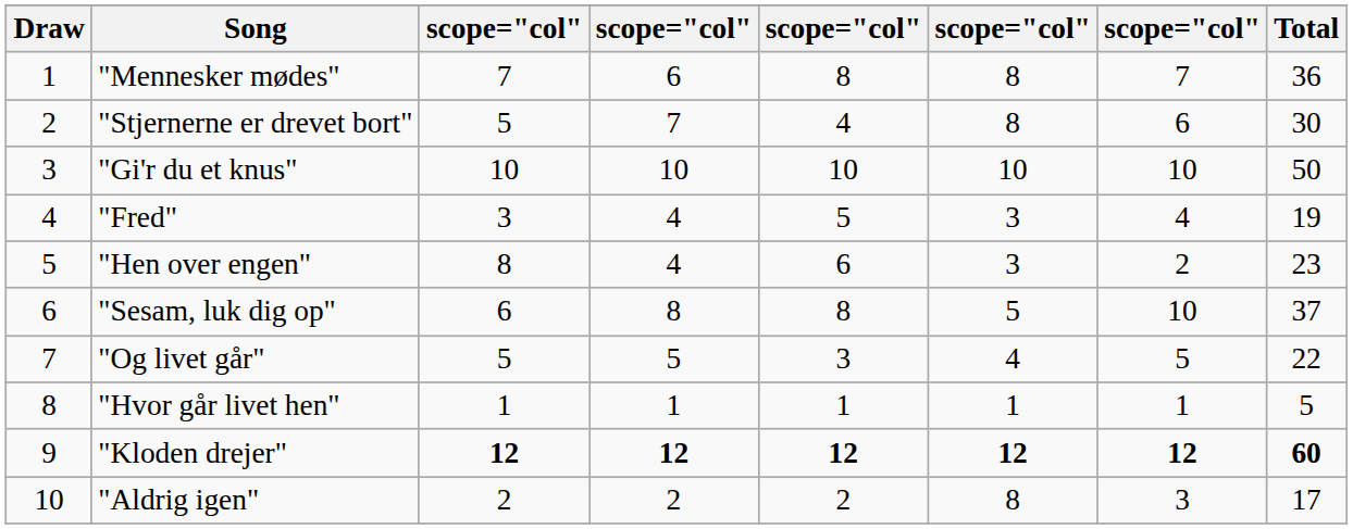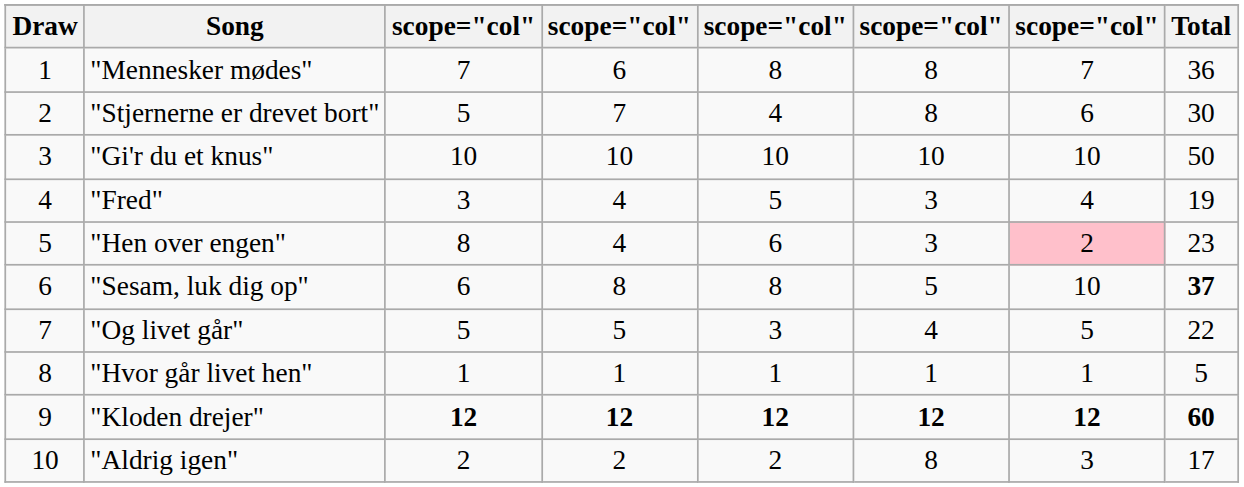 <table class="wikitable plainrowheaders" style="margin: 1em auto 1em auto; text-align:center;">
 <tr>
 </tr>
 <tr>
 <th scope="col">Draw</th>
 <th scope="col">Song</th>
 <th>scope="col" </th>
 <th>scope="col" </th>
 <th>scope="col" </th>
 <th>scope="col" </th>
 <th>scope="col" </th>
 <th scope="col">Total</th>
 </tr>
 <tr>
 <td>1</td>
 <td align=left>"Mennesker mødes"</td>
 <td>7</td>
 <td>6</td>
 <td>8</td>
 <td>8</td>
 <td>7</td>
 <td>36</td>
 </tr>
 <tr>
 <td>2</td>
 <td align=left>"Stjernerne er drevet bort"</td>
 <td>5</td>
 <td>7</td>
 <td>4</td>
 <td>8</td>
 <td>6</td>
 <td>30</td>
 </tr>
 <tr>
 <td>3</td>
 <td align=left>"Gi'r du et knus"</td>
 <td>10</td>
 <td>10</td>
 <td>10</td>
 <td>10</td>
 <td>10</td>
 <td>50</td>
 </tr>
 <tr>
 <td>4</td>
 <td align=left>"Fred"</td>
 <td>3</td>
 <td>4</td>
 <td>5</td>
 <td>3</td>
 <td>4</td>
 <td>19</td>
 </tr>
 <tr>
 <td>5</td>
 <td align=left>"Hen over engen"</td>
 <td>8</td>
 <td>4</td>
 <td>6</td>
 <td>3</td>
-<td>2</td>
+<td style="background: pink;">2</td>
 <td>23</td>
 </tr>
 <tr>
 <td>6</td>
 <td align=left>"Sesam, luk dig op"</td>
 <td>6</td>
 <td>8</td>
 <td>8</td>
 <td>5</td>
 <td>10</td>
-<td>37</td>
+<td><strong>37</strong></td>
 </tr>
 <tr>
 <td>7</td>
 <td align=left>"Og livet går"</td>
 <td>5</td>
 <td>5</td>
 <td>3</td>
 <td>4</td>
 <td>5</td>
 <td>22</td>
 </tr>
 <tr>
 <td>8</td>
 <td align=left>"Hvor går livet hen"</td>
 <td>1</td>
 <td>1</td>
 <td>1</td>
 <td>1</td>
 <td>1</td>
 <td>5</td>
 </tr>
 <tr>
 <td>9</td>
 <td align=left>"Kloden drejer"</td>
 <td><strong>12</strong></td>
 <td><strong>12</strong></td>
 <td><strong>12</strong></td>
 <td><strong>12</strong></td>
 <td><strong>12</strong></td>
 <td><strong>60</strong></td>
 </tr>
 <tr>
 <td>10</td>
 <td align=left>"Aldrig igen"</td>
 <td>2</td>
 <td>2</td>
 <td>2</td>
 <td>8</td>
 <td>3</td>
 <td>17</td>
 </tr>
 </table>
